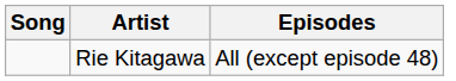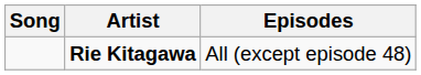 <table class="wikitable">
 <tr>
 <th>Song</th>
 <th>Artist</th>
 <th>Episodes</th>
 </tr>
 <tr>
 <td></td>
-<td>Rie Kitagawa</td>
+<td><strong>Rie Kitagawa</strong></td>
 <td>All (except episode 48)</td>
 </tr>
 </table>
